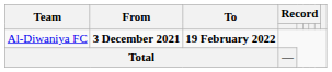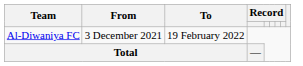 <table class=wikitable style=text-align:center>
 <tr>
 <th rowspan=2>Team</th>
 <th rowspan=2>From</th>
 <th rowspan=2>To</th>
 <th colspan=5>Record</th>
 <th rowspan=2></th>
 </tr>
 <tr>
 <th></th>
 <th></th>
 <th></th>
 <th></th>
 <th></th>
 </tr>
 <tr>
 <td align=left><a href='#'>Al-Diwaniya FC</a></td>
-<td align=left><strong>3 December 2021</strong></td>
-<td align=left><strong>19 February 2022<br></strong></td>
+<td align=left>3 December 2021</td>
+<td align=left>19 February 2022<br></td>
 </tr>
 <tr>
 <th colspan=3>Total<br></th>
 <th>—</th>
 </tr>
 </table>
